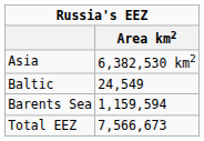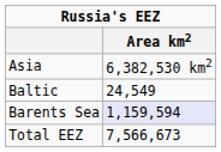 <table class="wikitable" border="1">
 <tr>
 <td colspan=2 style="text-align:center"><strong>Russia's EEZ</strong></td>
 </tr>
 <tr>
 <th></th>
 <th>Area km<sup>2</sup></th>
 </tr>
 <tr>
 <td>Asia</td>
 <td>6,382,530 km<sup>2</sup></td>
 </tr>
 <tr>
 <td>Baltic</td>
 <td>24,549</td>
 </tr>
 <tr>
 <td>Barents Sea</td>
-<td>1,159,594</td>
+<td style="background: lavender;">1,159,594</td>
 </tr>
 <tr>
 <td>Total EEZ</td>
 <td>7,566,673</td>
 </tr>
 </table>
